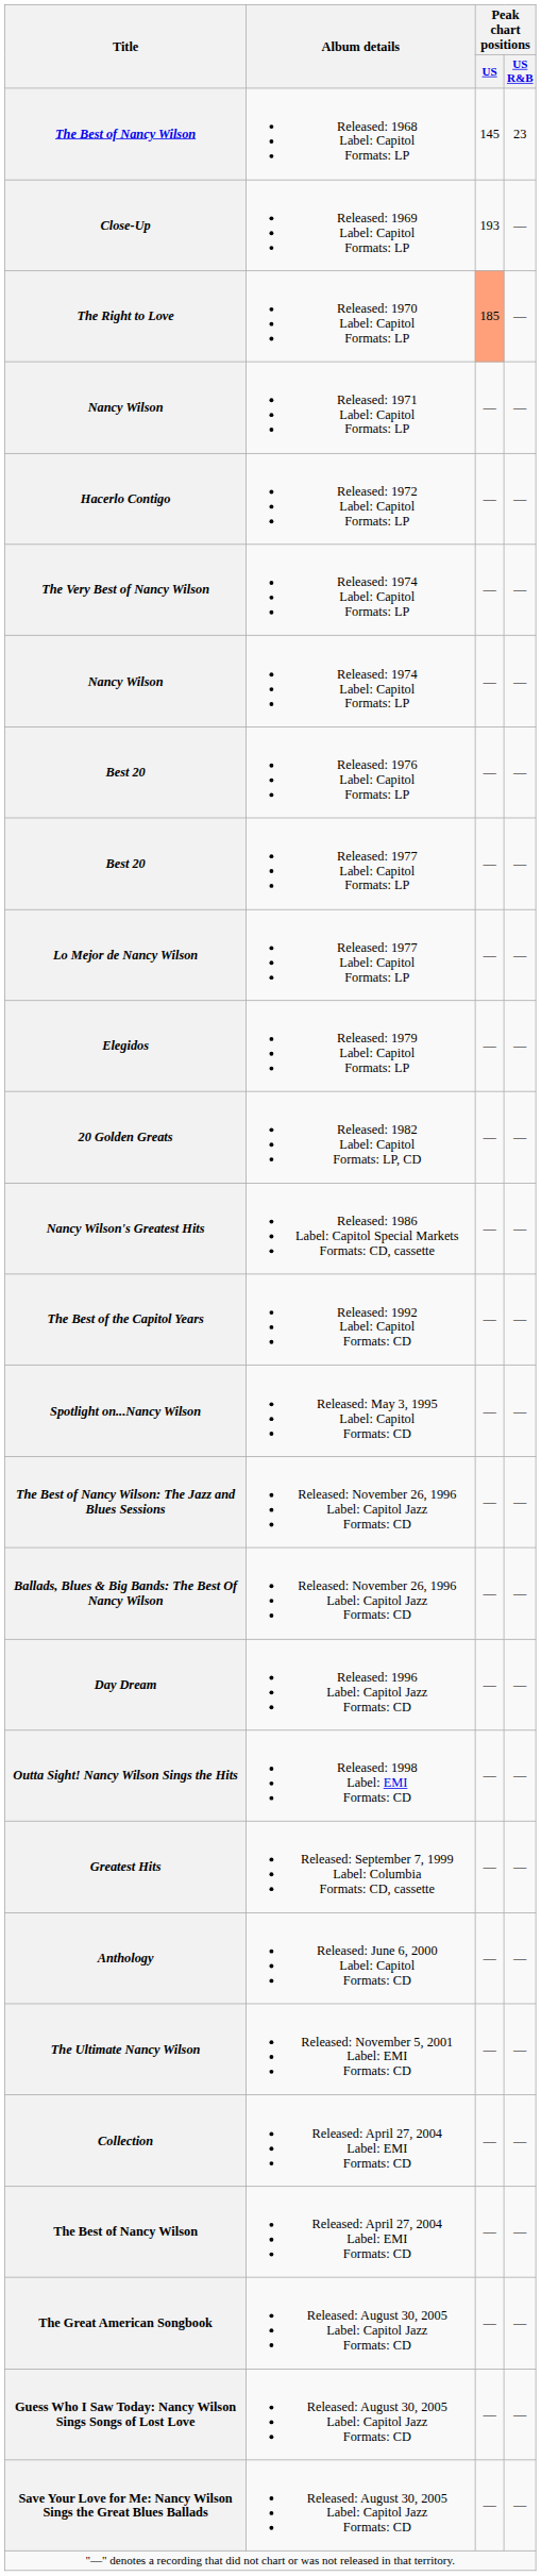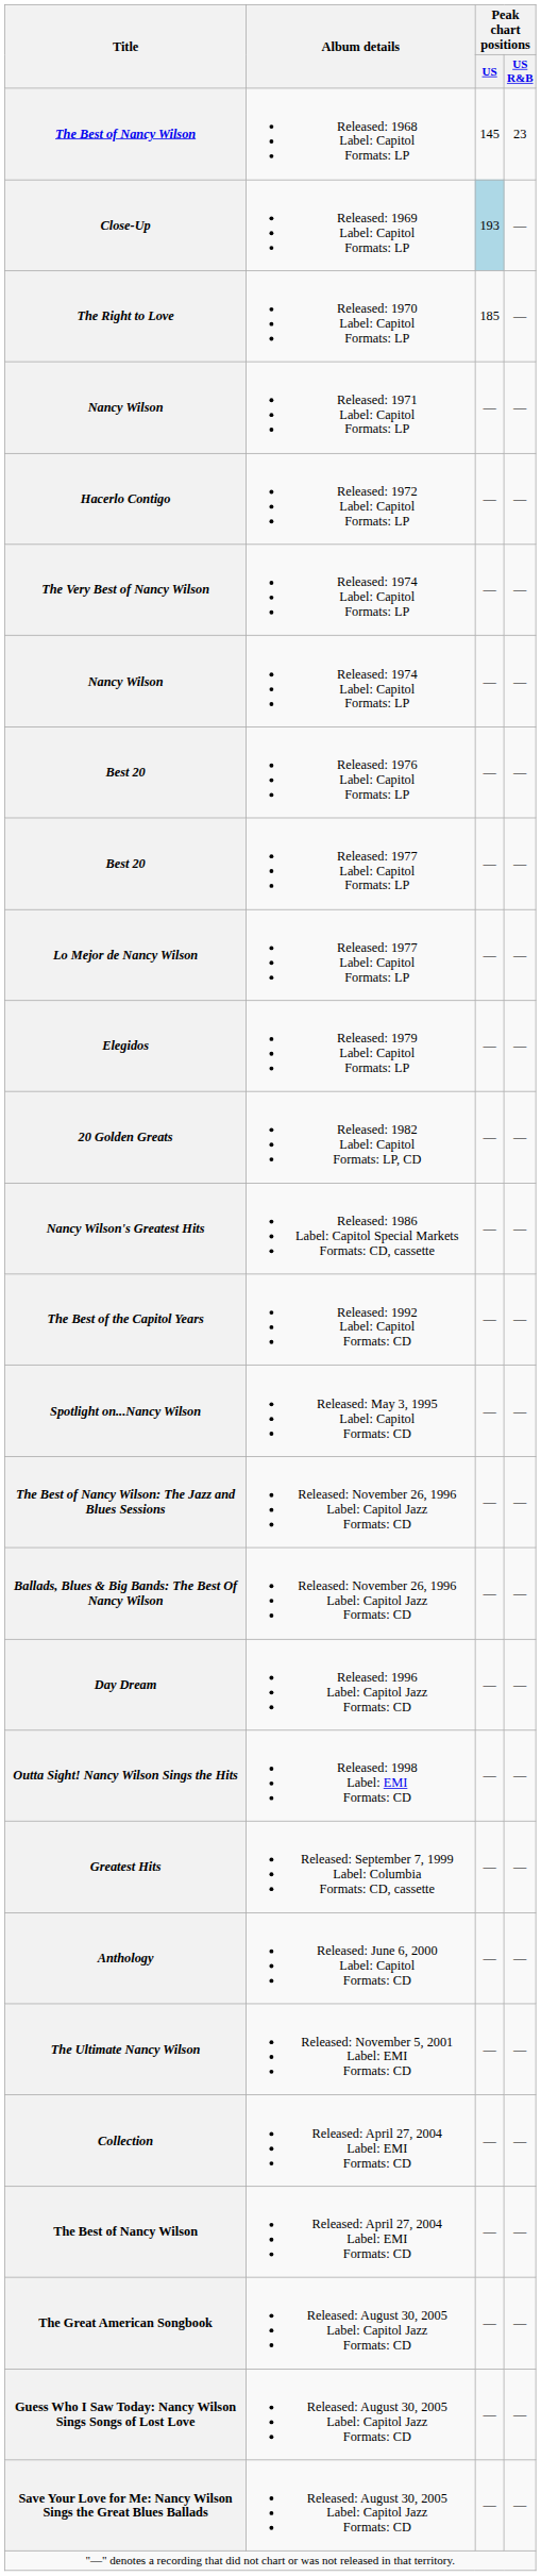 <table class="wikitable plainrowheaders" style="text-align:center;" border="1">
 <tr>
 <th scope="col" rowspan="2" style="width:18em;">Title</th>
 <th scope="col" rowspan="2" style="width:17em;">Album details</th>
 <th scope="col" colspan="3">Peak chart positions</th>
 </tr>
 <tr>
 <th scope="col" style="width:2em;font-size:90%;"><a href='#'>US</a><br></th>
 <th scope="col" style="width:2em;font-size:90%;"><a href='#'>US<br>R&B</a><br></th>
 </tr>
 <tr>
 <th scope="row"><em><a href='#'>The Best of Nancy Wilson</a></em></th>
 <td><br><ul><li>Released: 1968</li><li>Label: Capitol</li><li>Formats: LP</li></ul></td>
 <td>145</td>
 <td>23</td>
 </tr>
 <tr>
 <th scope="row"><em>Close-Up</em></th>
 <td><br><ul><li>Released: 1969</li><li>Label: Capitol</li><li>Formats: LP</li></ul></td>
-<td>193</td>
+<td style="background: lightblue;">193</td>
 <td>—</td>
 </tr>
 <tr>
 <th scope="row"><em>The Right to Love</em></th>
 <td><br><ul><li>Released: 1970</li><li>Label: Capitol</li><li>Formats: LP</li></ul></td>
-<td style="background: lightsalmon;">185</td>
+<td>185</td>
 <td>—</td>
 </tr>
 <tr>
 <th scope="row"><em>Nancy Wilson</em></th>
 <td><br><ul><li>Released: 1971</li><li>Label: Capitol</li><li>Formats: LP</li></ul></td>
 <td>—</td>
 <td>—</td>
 </tr>
 <tr>
 <th scope="row"><em>Hacerlo Contigo</em></th>
 <td><br><ul><li>Released: 1972</li><li>Label: Capitol</li><li>Formats: LP</li></ul></td>
 <td>—</td>
 <td>—</td>
 </tr>
 <tr>
 <th scope="row"><em>The Very Best of Nancy Wilson</em></th>
 <td><br><ul><li>Released: 1974</li><li>Label: Capitol</li><li>Formats: LP</li></ul></td>
 <td>—</td>
 <td>—</td>
 </tr>
 <tr>
 <th scope="row"><em>Nancy Wilson</em></th>
 <td><br><ul><li>Released: 1974</li><li>Label: Capitol</li><li>Formats: LP</li></ul></td>
 <td>—</td>
 <td>—</td>
 </tr>
 <tr>
 <th scope="row"><em>Best 20</em></th>
 <td><br><ul><li>Released: 1976</li><li>Label: Capitol</li><li>Formats: LP</li></ul></td>
 <td>—</td>
 <td>—</td>
 </tr>
 <tr>
 <th scope="row"><em>Best 20</em></th>
 <td><br><ul><li>Released: 1977</li><li>Label: Capitol</li><li>Formats: LP</li></ul></td>
 <td>—</td>
 <td>—</td>
 </tr>
 <tr>
 <th scope="row"><em>Lo Mejor de Nancy Wilson</em></th>
 <td><br><ul><li>Released: 1977</li><li>Label: Capitol</li><li>Formats: LP</li></ul></td>
 <td>—</td>
 <td>—</td>
 </tr>
 <tr>
 <th scope="row"><em>Elegidos</em></th>
 <td><br><ul><li>Released: 1979</li><li>Label: Capitol</li><li>Formats: LP</li></ul></td>
 <td>—</td>
 <td>—</td>
 </tr>
 <tr>
 <th scope="row"><em>20 Golden Greats</em></th>
 <td><br><ul><li>Released: 1982</li><li>Label: Capitol</li><li>Formats: LP, CD</li></ul></td>
 <td>—</td>
 <td>—</td>
 </tr>
 <tr>
 <th scope="row"><em>Nancy Wilson's Greatest Hits</em></th>
 <td><br><ul><li>Released: 1986</li><li>Label: Capitol Special Markets</li><li>Formats: CD, cassette</li></ul></td>
 <td>—</td>
 <td>—</td>
 </tr>
 <tr>
 <th scope="row"><em>The Best of the Capitol Years</em></th>
 <td><br><ul><li>Released: 1992</li><li>Label: Capitol</li><li>Formats: CD</li></ul></td>
 <td>—</td>
 <td>—</td>
 </tr>
 <tr>
 <th scope="row"><em>Spotlight on...Nancy Wilson</em></th>
 <td><br><ul><li>Released: May 3, 1995</li><li>Label: Capitol</li><li>Formats: CD</li></ul></td>
 <td>—</td>
 <td>—</td>
 </tr>
 <tr>
 <th scope="row"><em>The Best of Nancy Wilson: The Jazz and Blues Sessions</em></th>
 <td><br><ul><li>Released: November 26, 1996</li><li>Label: Capitol Jazz</li><li>Formats: CD</li></ul></td>
 <td>—</td>
 <td>—</td>
 </tr>
 <tr>
 <th scope="row"><em>Ballads, Blues & Big Bands: The Best Of Nancy Wilson</em></th>
 <td><br><ul><li>Released: November 26, 1996</li><li>Label: Capitol Jazz</li><li>Formats: CD</li></ul></td>
 <td>—</td>
 <td>—</td>
 </tr>
 <tr>
 <th scope="row"><em>Day Dream</em></th>
 <td><br><ul><li>Released: 1996</li><li>Label: Capitol Jazz</li><li>Formats: CD</li></ul></td>
 <td>—</td>
 <td>—</td>
 </tr>
 <tr>
 <th scope="row"><em>Outta Sight! Nancy Wilson Sings the Hits</em></th>
 <td><br><ul><li>Released: 1998</li><li>Label: <a href='#'>EMI</a></li><li>Formats: CD</li></ul></td>
 <td>—</td>
 <td>—</td>
 </tr>
 <tr>
 <th scope="row"><em>Greatest Hits</em></th>
 <td><br><ul><li>Released: September 7, 1999</li><li>Label: Columbia</li><li>Formats: CD, cassette</li></ul></td>
 <td>—</td>
 <td>—</td>
 </tr>
 <tr>
 <th scope="row"><em>Anthology</em></th>
 <td><br><ul><li>Released: June 6, 2000</li><li>Label: Capitol</li><li>Formats: CD</li></ul></td>
 <td>—</td>
 <td>—</td>
 </tr>
 <tr>
 <th scope="row"><em>The Ultimate Nancy Wilson</em></th>
 <td><br><ul><li>Released: November 5, 2001</li><li>Label: EMI</li><li>Formats: CD</li></ul></td>
 <td>—</td>
 <td>—</td>
 </tr>
 <tr>
 <th scope="row"><em>Collection</th>
 <td><br><ul><li>Released: April 27, 2004</li><li>Label: EMI</li><li>Formats: CD</li></ul></td>
 <td>—</td>
 <td>—</td>
 </tr>
 <tr>
 <th scope="row"></em>The Best of Nancy Wilson<em></th>
 <td><br><ul><li>Released: April 27, 2004</li><li>Label: EMI</li><li>Formats: CD</li></ul></td>
 <td>—</td>
 <td>—</td>
 </tr>
 <tr>
 <th scope="row"></em>The Great American Songbook<em></th>
 <td><br><ul><li>Released: August 30, 2005</li><li>Label: Capitol Jazz</li><li>Formats: CD</li></ul></td>
 <td>—</td>
 <td>—</td>
 </tr>
 <tr>
 <th scope="row"></em>Guess Who I Saw Today: Nancy Wilson Sings Songs of Lost Love<em></th>
 <td><br><ul><li>Released: August 30, 2005</li><li>Label: Capitol Jazz</li><li>Formats: CD</li></ul></td>
 <td>—</td>
 <td>—</td>
 </tr>
 <tr>
 <th scope="row"></em>Save Your Love for Me: Nancy Wilson Sings the Great Blues Ballads<em></th>
 <td><br><ul><li>Released: August 30, 2005</li><li>Label: Capitol Jazz</li><li>Formats: CD</li></ul></td>
 <td>—</td>
 <td>—</td>
 </tr>
 <tr>
 <td colspan="4" style="font-size:90%">"—" denotes a recording that did not chart or was not released in that territory.</td>
 </tr>
 </table>
